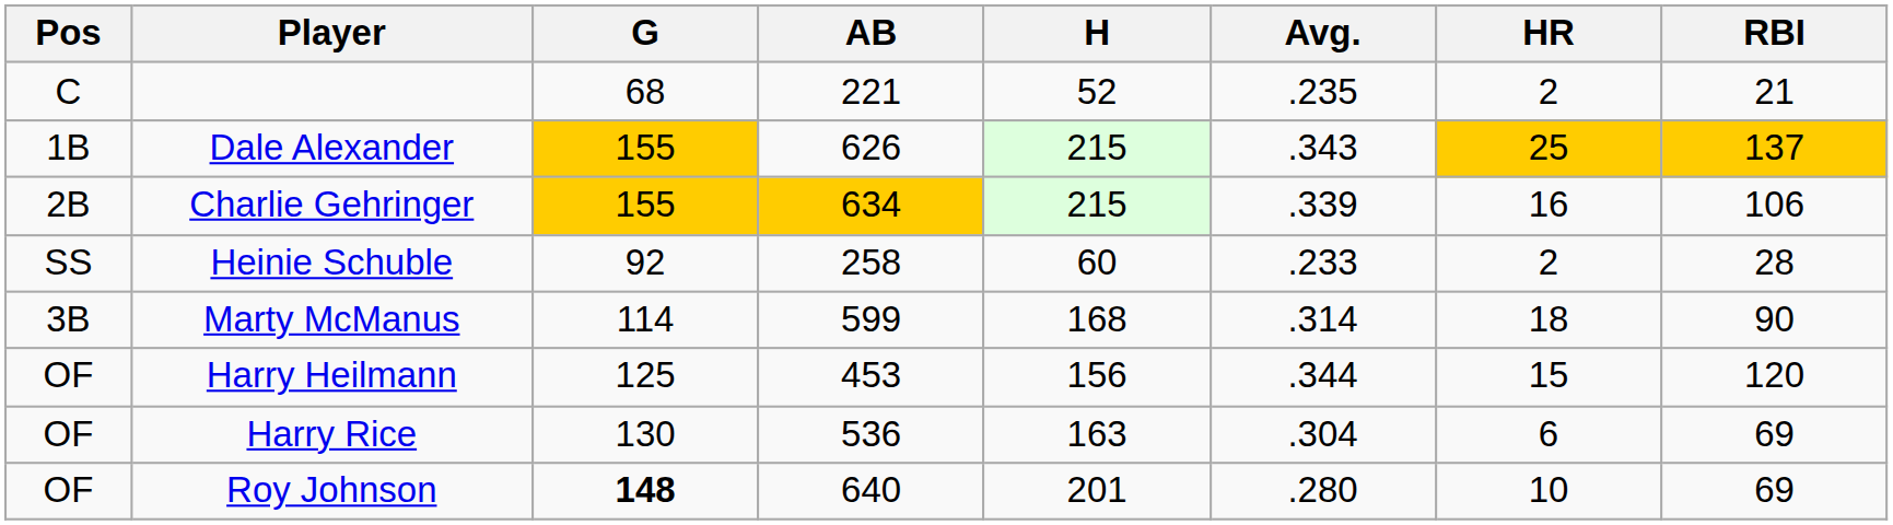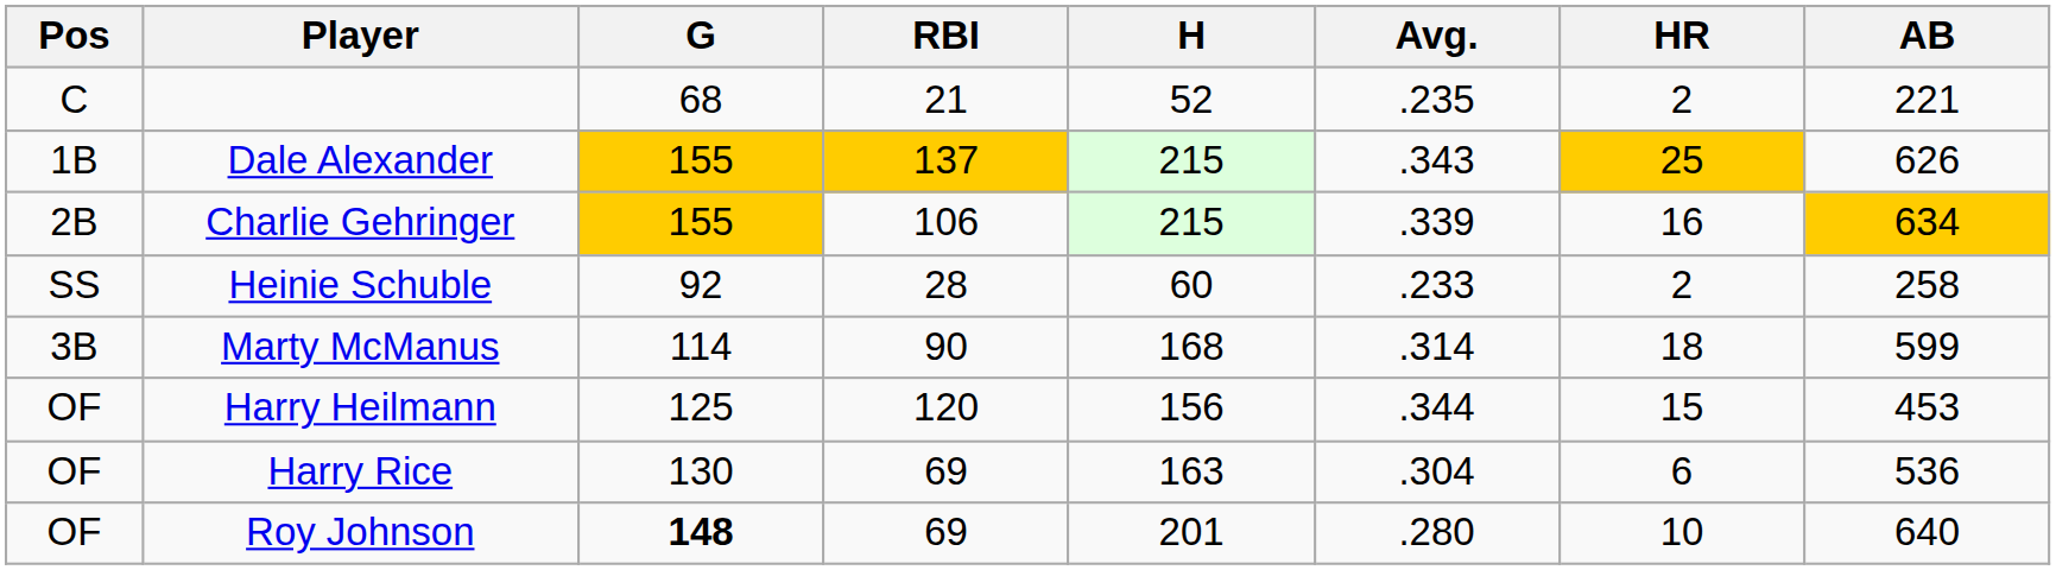 <table class="wikitable sortable">
 <tr>
 <th bgcolor="#DDDDFF" width="5%">Pos</th>
 <th bgcolor="#DDDDFF" width="16%">Player</th>
 <th bgcolor="#DDDDFF" width="9%">G</th>
-<th bgcolor="#DDDDFF" width="9%">AB</th>
+<th bgcolor="#DDDDFF" width="9%">RBI</th>
 <th bgcolor="#DDDDFF" width="9%">H</th>
 <th bgcolor="#DDDDFF" width="9%">Avg.</th>
 <th bgcolor="#DDDDFF" width="9%">HR</th>
-<th bgcolor="#DDDDFF" width="9%">RBI</th>
+<th bgcolor="#DDDDFF" width="9%">AB</th>
 </tr>
 <tr align="center">
 <td>C</td>
 <td></td>
 <td>68</td>
-<td>221</td>
+<td>21</td>
 <td>52</td>
 <td>.235</td>
 <td>2</td>
-<td>21</td>
+<td>221</td>
 </tr>
 <tr align="center">
 <td>1B</td>
 <td><a href='#'>Dale Alexander</a></td>
 <td style="background:#fc0;">155</td>
-<td>626</td>
+<td style="background:#fc0;">137</td>
 <td style="background:#DDFFDD;">215</td>
 <td>.343</td>
 <td style="background:#fc0;">25</td>
-<td style="background:#fc0;">137</td>
+<td>626</td>
 </tr>
 <tr align=center>
 <td>2B</td>
 <td><a href='#'>Charlie Gehringer</a></td>
 <td style="background:#fc0;">155</td>
-<td style="background:#fc0;">634</td>
+<td>106</td>
 <td style="background:#DDFFDD;">215</td>
 <td>.339</td>
 <td>16</td>
-<td>106</td>
+<td style="background:#fc0;">634</td>
 </tr>
 <tr align=center>
 <td>SS</td>
 <td><a href='#'>Heinie Schuble</a></td>
 <td>92</td>
-<td>258</td>
+<td>28</td>
 <td>60</td>
 <td>.233</td>
 <td>2</td>
-<td>28</td>
+<td>258</td>
 </tr>
 <tr align=center>
 <td>3B</td>
 <td><a href='#'>Marty McManus</a></td>
 <td>114</td>
-<td>599</td>
+<td>90</td>
 <td>168</td>
 <td>.314</td>
 <td>18</td>
-<td>90</td>
+<td>599</td>
 </tr>
 <tr align=center>
 <td>OF</td>
 <td><a href='#'>Harry Heilmann</a></td>
 <td>125</td>
-<td>453</td>
+<td>120</td>
 <td>156</td>
 <td>.344</td>
 <td>15</td>
-<td>120</td>
+<td>453</td>
 </tr>
 <tr align=center>
 <td>OF</td>
 <td><a href='#'>Harry Rice</a></td>
 <td>130</td>
-<td>536</td>
+<td>69</td>
 <td>163</td>
 <td>.304</td>
 <td>6</td>
-<td>69</td>
+<td>536</td>
 </tr>
 <tr align=center>
 <td>OF</td>
 <td><a href='#'>Roy Johnson</a></td>
 <td><strong>148</strong></td>
-<td>640</td>
+<td>69</td>
 <td>201</td>
 <td>.280</td>
 <td>10</td>
-<td>69</td>
+<td>640</td>
 </tr>
 </table>
